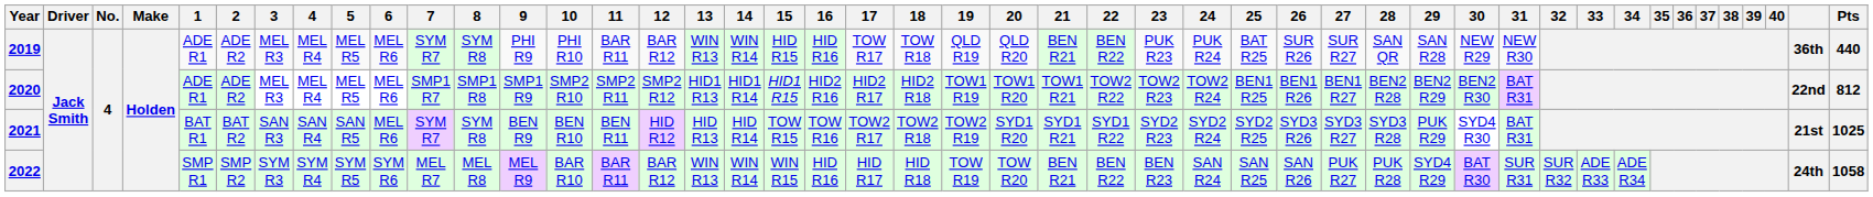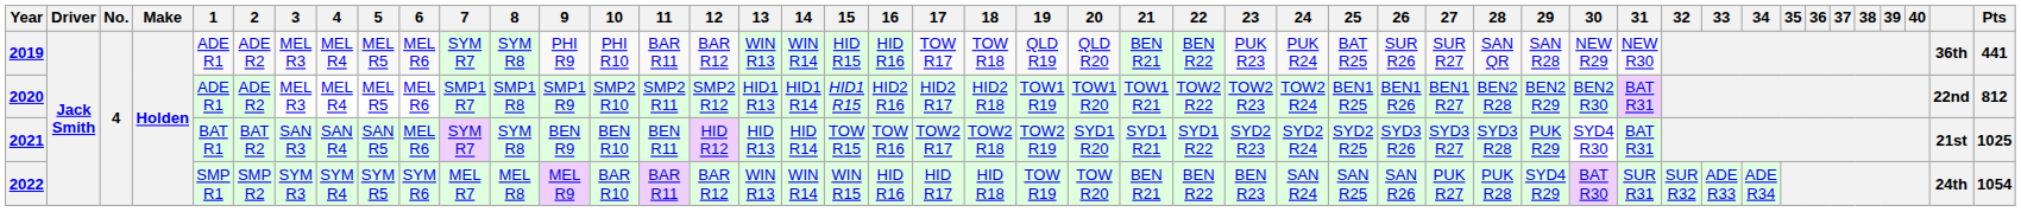 <table class="wikitable mw-collapsible mw-collapsed" style="text-align:center; font-size:75%">
 <tr>
 <th>Year</th>
 <th>Driver</th>
 <th>No.</th>
 <th>Make</th>
 <th>1</th>
 <th>2</th>
 <th>3</th>
 <th>4</th>
 <th>5</th>
 <th>6</th>
 <th>7</th>
 <th>8</th>
 <th>9</th>
 <th>10</th>
 <th>11</th>
 <th>12</th>
 <th>13</th>
 <th>14</th>
 <th>15</th>
 <th>16</th>
 <th>17</th>
 <th>18</th>
 <th>19</th>
 <th>20</th>
 <th>21</th>
 <th>22</th>
 <th>23</th>
 <th>24</th>
 <th>25</th>
 <th>26</th>
 <th>27</th>
 <th>28</th>
 <th>29</th>
 <th>30</th>
 <th>31</th>
 <th>32</th>
 <th>33</th>
 <th>34</th>
 <th>35</th>
 <th>36</th>
 <th>37</th>
 <th>38</th>
 <th>39</th>
 <th>40</th>
 <th></th>
 <th>Pts</th>
 </tr>
 <tr>
 <th><a href='#'>2019</a></th>
 <th rowspan=4><a href='#'>Jack Smith</a></th>
 <th rowspan=4>4</th>
 <th rowspan=4><a href='#'>Holden</a></th>
 <td><a href='#'>ADE<br>R1</a></td>
 <td><a href='#'>ADE<br>R2</a></td>
 <td><a href='#'>MEL<br>R3</a></td>
 <td><a href='#'>MEL<br>R4</a></td>
 <td><a href='#'>MEL<br>R5</a></td>
 <td><a href='#'>MEL<br>R6</a></td>
 <td style="background: #dfffdf"><a href='#'>SYM<br>R7</a><br></td>
 <td style="background: #dfffdf"><a href='#'>SYM<br>R8</a><br></td>
 <td><a href='#'>PHI<br>R9</a></td>
 <td><a href='#'>PHI<br>R10</a></td>
 <td><a href='#'>BAR<br>R11</a></td>
 <td><a href='#'>BAR<br>R12</a></td>
 <td style="background: #dfffdf"><a href='#'>WIN<br>R13</a><br></td>
 <td style="background: #dfffdf"><a href='#'>WIN<br>R14</a><br></td>
 <td style="background: #dfffdf"><a href='#'>HID<br>R15</a><br></td>
 <td style="background: #dfffdf"><a href='#'>HID<br>R16</a><br></td>
 <td><a href='#'>TOW<br>R17</a></td>
 <td><a href='#'>TOW<br>R18</a></td>
 <td><a href='#'>QLD<br>R19</a></td>
 <td><a href='#'>QLD<br>R20</a></td>
 <td style="background: #dfffdf"><a href='#'>BEN<br>R21</a><br></td>
 <td style="background: #dfffdf"><a href='#'>BEN<br>R22</a><br></td>
 <td><a href='#'>PUK<br>R23</a></td>
 <td><a href='#'>PUK<br>R24</a></td>
 <td><a href='#'>BAT<br>R25</a></td>
 <td><a href='#'>SUR<br>R26</a></td>
 <td><a href='#'>SUR<br>R27</a></td>
 <td><a href='#'>SAN<br>QR</a></td>
 <td><a href='#'>SAN<br>R28</a></td>
 <td><a href='#'>NEW<br>R29</a></td>
 <td><a href='#'>NEW<br>R30</a></td>
 <th colspan=9></th>
 <th>36th</th>
-<th>440</th>
+<th>441</th>
 </tr>
 <tr>
 <th><a href='#'>2020</a></th>
 <td style="background: #dfffdf"><a href='#'>ADE<br>R1</a><br></td>
 <td style="background: #dfffdf"><a href='#'>ADE<br>R2</a><br></td>
 <td style="background: #ffffff"><a href='#'>MEL<br>R3</a><br></td>
 <td style="background: #ffffff"><a href='#'>MEL<br>R4</a><br></td>
 <td style="background: #ffffff"><a href='#'>MEL<br>R5</a><br></td>
 <td style="background: #ffffff"><a href='#'>MEL<br>R6</a><br></td>
 <td style="background: #dfffdf"><a href='#'>SMP1<br>R7</a><br></td>
 <td style="background: #dfffdf"><a href='#'>SMP1<br>R8</a><br></td>
 <td style="background: #dfffdf"><a href='#'>SMP1<br>R9</a><br></td>
 <td style="background: #dfffdf"><a href='#'>SMP2<br>R10</a><br></td>
 <td style="background: #dfffdf"><a href='#'>SMP2<br>R11</a><br></td>
 <td style="background: #dfffdf"><a href='#'>SMP2<br>R12</a><br></td>
 <td style="background: #dfffdf"><a href='#'>HID1<br>R13</a><br></td>
 <td style="background: #dfffdf"><a href='#'>HID1<br>R14</a><br></td>
 <td style="background: #dfffdf"><em><a href='#'>HID1<br>R15</a><br></em></td>
 <td style="background: #dfffdf"><a href='#'>HID2<br>R16</a><br></td>
 <td style="background: #dfffdf"><a href='#'>HID2<br>R17</a><br></td>
 <td style="background: #dfffdf"><a href='#'>HID2<br>R18</a><br></td>
 <td style="background: #dfffdf"><a href='#'>TOW1<br>R19</a><br></td>
 <td style="background: #dfffdf"><a href='#'>TOW1<br>R20</a><br></td>
 <td style="background: #dfffdf"><a href='#'>TOW1<br>R21</a><br></td>
 <td style="background: #dfffdf"><a href='#'>TOW2<br>R22</a><br></td>
 <td style="background: #dfffdf"><a href='#'>TOW2<br>R23</a><br></td>
 <td style="background: #dfffdf"><a href='#'>TOW2<br>R24</a><br></td>
 <td style="background: #dfffdf"><a href='#'>BEN1<br>R25</a><br></td>
 <td style="background: #dfffdf"><a href='#'>BEN1<br>R26</a><br></td>
 <td style="background: #dfffdf"><a href='#'>BEN1<br>R27</a><br></td>
 <td style="background: #dfffdf"><a href='#'>BEN2<br>R28</a><br></td>
 <td style="background: #dfffdf"><a href='#'>BEN2<br>R29</a><br></td>
 <td style="background: #dfffdf"><a href='#'>BEN2<br>R30</a><br></td>
 <td style="background: #efcfff"><a href='#'>BAT<br>R31</a><br></td>
 <th colspan=9></th>
 <th>22nd</th>
 <th>812</th>
 </tr>
 <tr>
 <th><a href='#'>2021</a></th>
 <td style="background: #dfffdf"><a href='#'>BAT<br>R1</a><br></td>
 <td style="background: #dfffdf"><a href='#'>BAT<br>R2</a><br></td>
 <td style="background: #dfffdf"><a href='#'>SAN<br>R3</a><br></td>
 <td style="background: #dfffdf"><a href='#'>SAN<br>R4</a><br></td>
 <td style="background: #dfffdf"><a href='#'>SAN<br>R5</a><br></td>
 <td style="background: #dfffdf"><a href='#'>MEL<br>R6</a><br></td>
 <td style="background: #efcfff"><a href='#'>SYM<br>R7</a><br></td>
 <td style="background: #dfffdf"><a href='#'>SYM<br>R8</a><br></td>
 <td style="background: #dfffdf"><a href='#'>BEN<br>R9</a><br></td>
 <td style="background: #dfffdf"><a href='#'>BEN<br>R10</a><br></td>
 <td style="background: #dfffdf"><a href='#'>BEN<br>R11</a><br></td>
 <td style="background: #efcfff"><a href='#'>HID<br>R12</a><br></td>
 <td style="background: #dfffdf"><a href='#'>HID<br>R13</a><br></td>
 <td style="background: #dfffdf"><a href='#'>HID<br>R14</a><br></td>
 <td style="background: #dfffdf"><a href='#'>TOW<br>R15</a><br></td>
 <td style="background: #dfffdf"><a href='#'>TOW<br>R16</a><br></td>
 <td style="background: #dfffdf"><a href='#'>TOW2<br>R17</a><br></td>
 <td style="background: #dfffdf"><a href='#'>TOW2<br>R18</a><br></td>
 <td style="background: #dfffdf"><a href='#'>TOW2<br>R19</a><br></td>
 <td style="background: #dfffdf"><a href='#'>SYD1<br>R20</a><br></td>
 <td style="background: #dfffdf"><a href='#'>SYD1<br>R21</a><br></td>
 <td style="background: #dfffdf"><a href='#'>SYD1<br>R22</a><br></td>
 <td style="background: #dfffdf"><a href='#'>SYD2<br>R23</a><br></td>
 <td style="background: #dfffdf"><a href='#'>SYD2<br>R24</a><br></td>
 <td style="background: #dfffdf"><a href='#'>SYD2<br>R25</a><br></td>
 <td style="background: #dfffdf"><a href='#'>SYD3<br>R26</a><br></td>
 <td style="background: #dfffdf"><a href='#'>SYD3<br>R27</a><br></td>
 <td style="background: #dfffdf"><a href='#'>SYD3<br>R28</a><br></td>
 <td style="background: #dfffdf"><a href='#'>PUK<br>R29</a><br></td>
 <td style="background: #ffffff"><a href='#'>SYD4<br>R30</a><br></td>
 <td style="background: #dfffdf"><a href='#'>BAT<br>R31</a><br></td>
 <th colspan=9></th>
 <th>21st</th>
 <th>1025</th>
 </tr>
 <tr>
 <th><a href='#'>2022</a></th>
 <td style="background: #dfffdf"><a href='#'>SMP<br>R1</a><br></td>
 <td style="background: #dfffdf"><a href='#'>SMP<br>R2</a><br></td>
 <td style="background: #dfffdf"><a href='#'>SYM<br>R3</a><br></td>
 <td style="background: #dfffdf"><a href='#'>SYM<br>R4</a><br></td>
 <td style="background: #dfffdf"><a href='#'>SYM<br>R5</a><br></td>
 <td style="background: #dfffdf"><a href='#'>SYM<br>R6</a><br></td>
 <td style="background: #dfffdf"><a href='#'>MEL<br>R7</a><br></td>
 <td style="background: #dfffdf"><a href='#'>MEL<br>R8</a><br></td>
 <td style="background: #efcfff"><a href='#'>MEL<br>R9</a><br></td>
 <td style="background: #dfffdf"><a href='#'>BAR<br>R10</a><br></td>
 <td style="background: #efcfff"><a href='#'>BAR<br>R11</a><br></td>
 <td style="background: #dfffdf"><a href='#'>BAR<br>R12</a><br></td>
 <td style="background: #dfffdf"><a href='#'>WIN<br>R13</a><br></td>
 <td style="background: #dfffdf"><a href='#'>WIN<br>R14</a><br></td>
 <td style="background: #dfffdf"><a href='#'>WIN<br>R15</a><br></td>
 <td style="background: #dfffdf"><a href='#'>HID<br>R16</a><br></td>
 <td style="background: #dfffdf"><a href='#'>HID<br>R17</a><br></td>
 <td style="background: #dfffdf"><a href='#'>HID<br>R18</a><br></td>
 <td style="background: #dfffdf"><a href='#'>TOW<br>R19</a><br></td>
 <td style="background: #dfffdf"><a href='#'>TOW<br>R20</a><br></td>
 <td style="background: #dfffdf"><a href='#'>BEN<br>R21</a><br></td>
 <td style="background: #dfffdf"><a href='#'>BEN<br>R22</a><br></td>
 <td style="background: #dfffdf"><a href='#'>BEN<br>R23</a><br></td>
 <td style="background: #dfffdf"><a href='#'>SAN<br>R24</a><br></td>
 <td style="background: #dfffdf"><a href='#'>SAN<br>R25</a><br></td>
 <td style="background: #dfffdf"><a href='#'>SAN<br>R26</a><br></td>
 <td style="background: #dfffdf"><a href='#'>PUK<br>R27</a><br></td>
 <td style="background: #dfffdf"><a href='#'>PUK<br>R28</a><br></td>
 <td style="background: #dfffdf"><a href='#'>SYD4<br>R29</a><br></td>
 <td style="background: #efcfff"><a href='#'>BAT<br>R30</a><br></td>
 <td style="background: #dfffdf"><a href='#'>SUR<br>R31</a><br></td>
 <td style="background: #dfffdf"><a href='#'>SUR<br>R32</a><br></td>
 <td style="background: #dfffdf"><a href='#'>ADE<br>R33</a><br></td>
 <td style="background: #dfffdf"><a href='#'>ADE<br>R34</a><br></td>
 <th colspan=6></th>
 <th>24th</th>
-<th>1058</th>
+<th>1054</th>
 </tr>
 </table>
